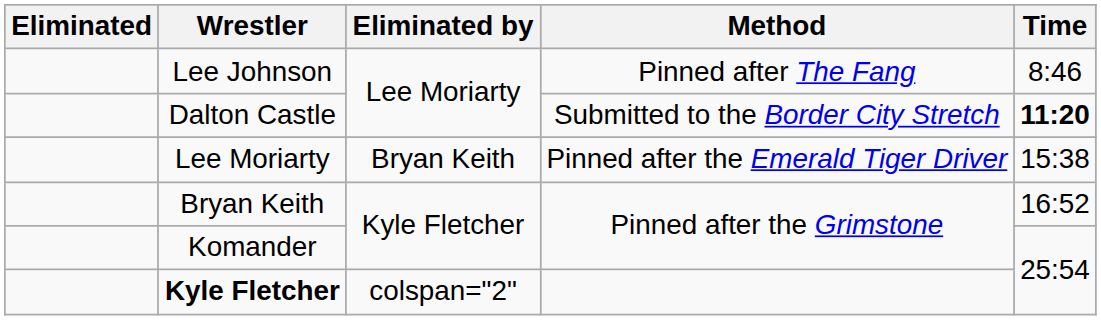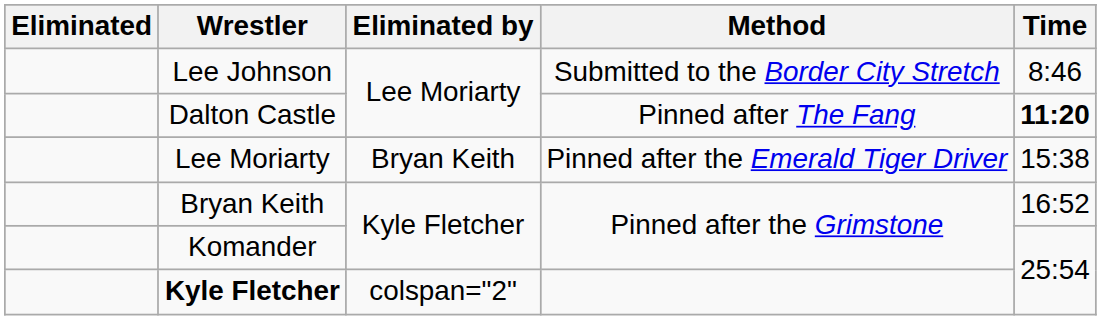 <table class="wikitable sortable" style="text-align:center;">
 <tr>
 <th>Eliminated</th>
 <th>Wrestler</th>
 <th>Eliminated by</th>
 <th>Method</th>
 <th>Time</th>
 </tr>
 <tr>
 <td></td>
 <td>Lee Johnson</td>
 <td rowspan=2>Lee Moriarty</td>
-<td>Pinned after <em><a href='#'>The Fang</a></em></td>
+<td>Submitted to the <em><a href='#'>Border City Stretch</a></em></td>
 <td>8:46</td>
 </tr>
 <tr>
 <td></td>
 <td>Dalton Castle</td>
-<td>Submitted to the <em><a href='#'>Border City Stretch</a></em></td>
+<td>Pinned after <em><a href='#'>The Fang</a></em></td>
 <td><strong>11:20</strong></td>
 </tr>
 <tr>
 <td></td>
 <td>Lee Moriarty</td>
 <td>Bryan Keith</td>
 <td>Pinned after the <em><a href='#'>Emerald Tiger Driver</a></em></td>
 <td>15:38</td>
 </tr>
 <tr>
 <td></td>
 <td>Bryan Keith</td>
 <td rowspan=2>Kyle Fletcher</td>
 <td rowspan=2>Pinned after the <em><a href='#'>Grimstone</a></em></td>
 <td>16:52</td>
 </tr>
 <tr>
 <td></td>
 <td>Komander</td>
 <td rowspan=2>25:54</td>
 </tr>
 <tr>
 <td></td>
 <td><strong>Kyle Fletcher</strong></td>
 <td>colspan="2" </td>
 </tr>
 </table>
